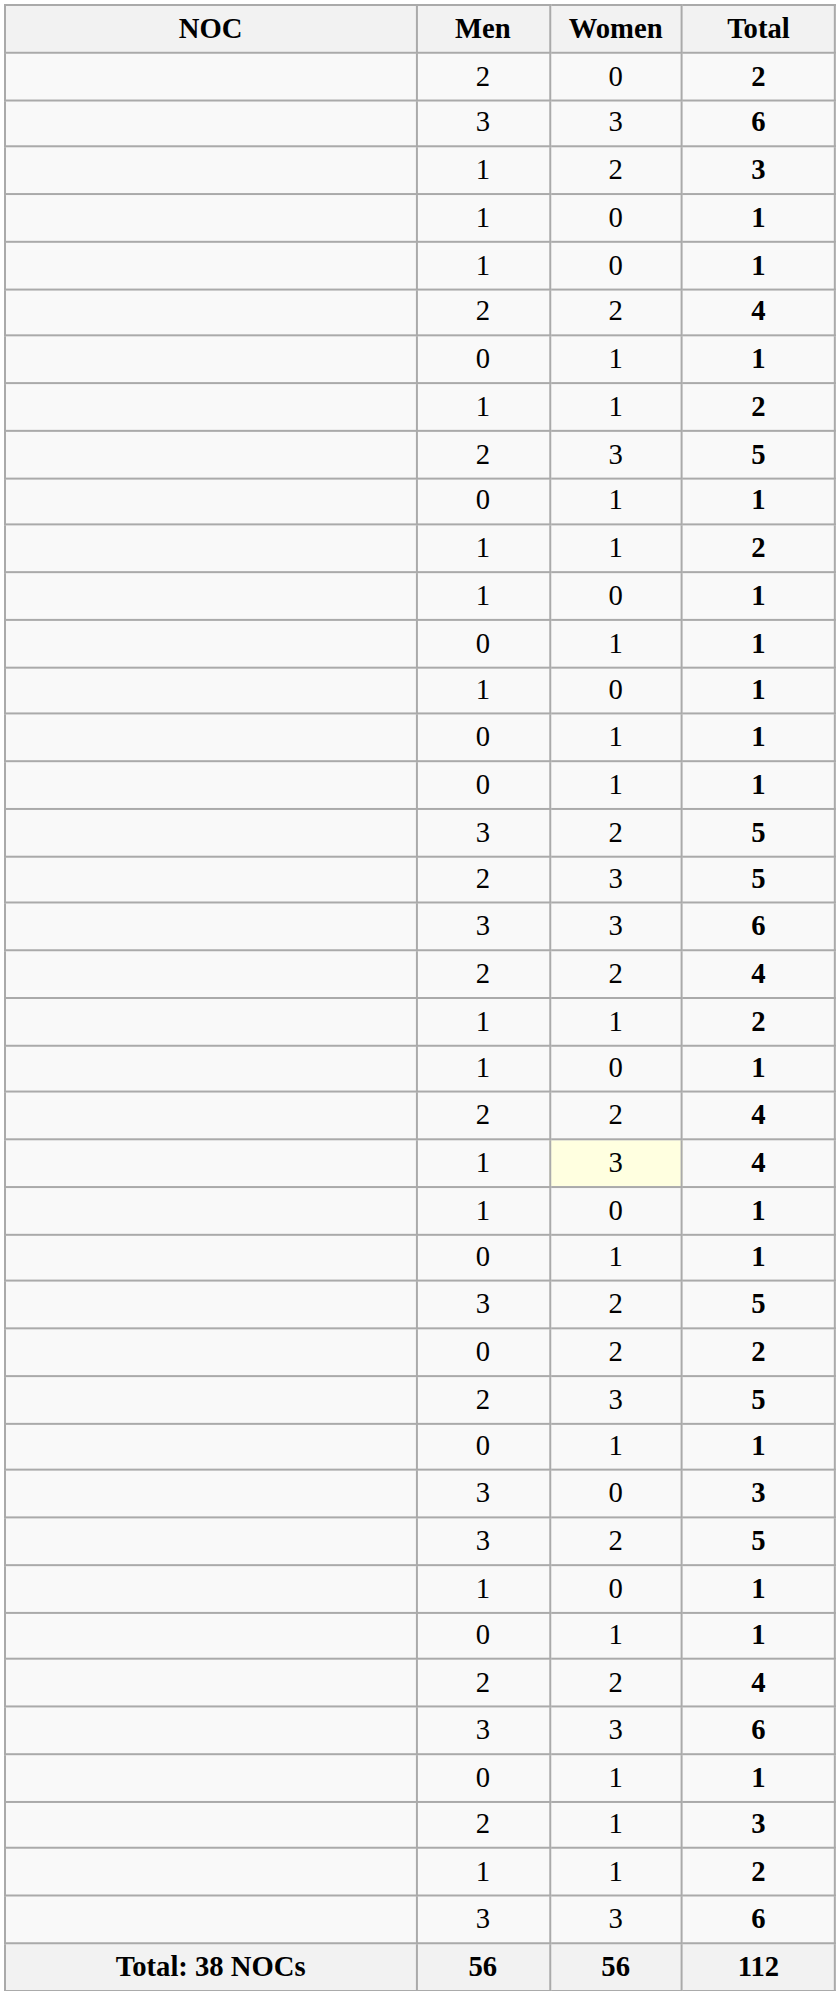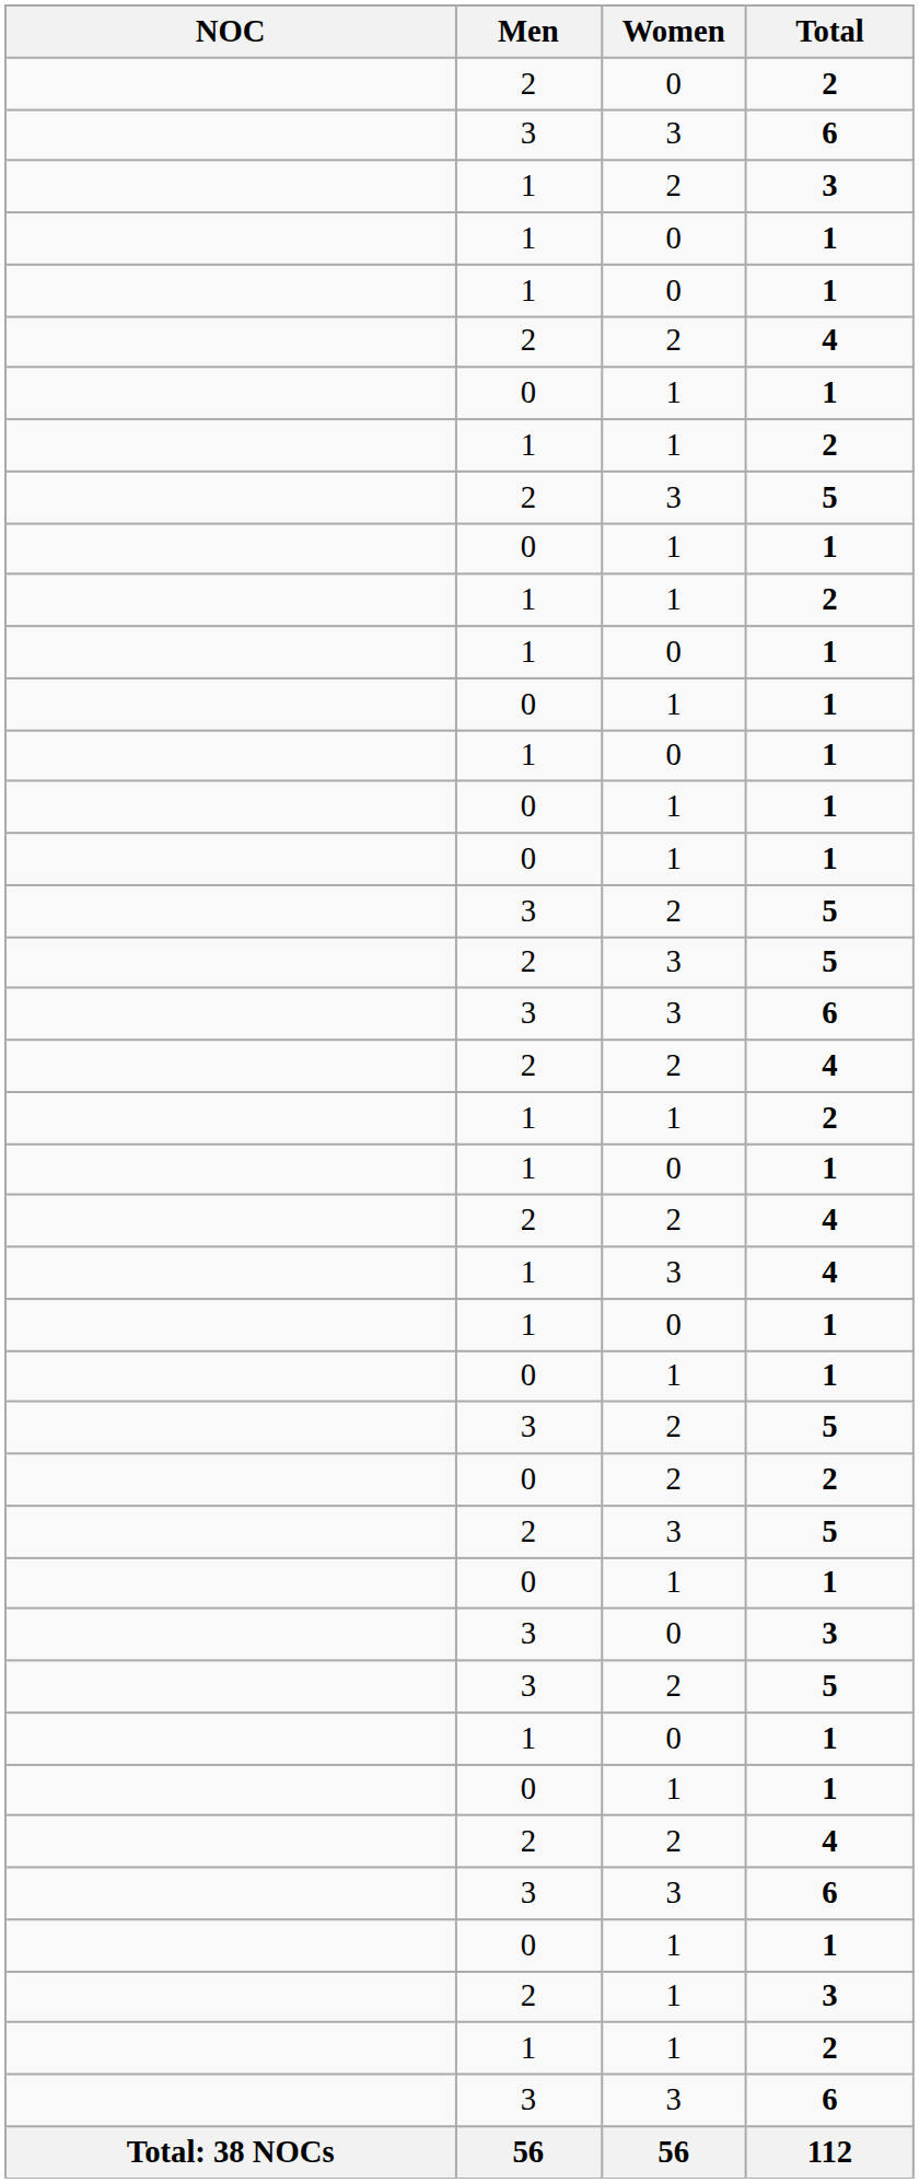 <table class="wikitable" style="text-align:center; font-size:90%">
 <tr>
 <th width=200 align="left">NOC</th>
 <th width=60>Men</th>
 <th width=60>Women</th>
 <th width=70>Total</th>
 </tr>
 <tr>
 <td align=left></td>
 <td>2</td>
 <td>0</td>
 <td><strong>2</strong></td>
 </tr>
 <tr>
 <td align=left></td>
 <td>3</td>
 <td>3</td>
 <td><strong>6</strong></td>
 </tr>
 <tr>
 <td align=left></td>
 <td>1</td>
 <td>2</td>
 <td><strong>3</strong></td>
 </tr>
 <tr>
 <td align=left></td>
 <td>1</td>
 <td>0</td>
 <td><strong>1</strong></td>
 </tr>
 <tr>
 <td align=left></td>
 <td>1</td>
 <td>0</td>
 <td><strong>1</strong></td>
 </tr>
 <tr>
 <td align=left></td>
 <td>2</td>
 <td>2</td>
 <td><strong>4</strong></td>
 </tr>
 <tr>
 <td align=left></td>
 <td>0</td>
 <td>1</td>
 <td><strong>1</strong></td>
 </tr>
 <tr>
 <td align=left></td>
 <td>1</td>
 <td>1</td>
 <td><strong>2</strong></td>
 </tr>
 <tr>
 <td align=left></td>
 <td>2</td>
 <td>3</td>
 <td><strong>5</strong></td>
 </tr>
 <tr>
 <td align=left></td>
 <td>0</td>
 <td>1</td>
 <td><strong>1</strong></td>
 </tr>
 <tr>
 <td align=left></td>
 <td>1</td>
 <td>1</td>
 <td><strong>2</strong></td>
 </tr>
 <tr>
 <td align=left></td>
 <td>1</td>
 <td>0</td>
 <td><strong>1</strong></td>
 </tr>
 <tr>
 <td align=left></td>
 <td>0</td>
 <td>1</td>
 <td><strong>1</strong></td>
 </tr>
 <tr>
 <td align=left></td>
 <td>1</td>
 <td>0</td>
 <td><strong>1</strong></td>
 </tr>
 <tr>
 <td align=left></td>
 <td>0</td>
 <td>1</td>
 <td><strong>1</strong></td>
 </tr>
 <tr>
 <td align=left></td>
 <td>0</td>
 <td>1</td>
 <td><strong>1</strong></td>
 </tr>
 <tr>
 <td align=left></td>
 <td>3</td>
 <td>2</td>
 <td><strong>5</strong></td>
 </tr>
 <tr>
 <td align=left></td>
 <td>2</td>
 <td>3</td>
 <td><strong>5</strong></td>
 </tr>
 <tr>
 <td align=left></td>
 <td>3</td>
 <td>3</td>
 <td><strong>6</strong></td>
 </tr>
 <tr>
 <td align=left></td>
 <td>2</td>
 <td>2</td>
 <td><strong>4</strong></td>
 </tr>
 <tr>
 <td align=left></td>
 <td>1</td>
 <td>1</td>
 <td><strong>2</strong></td>
 </tr>
 <tr>
 <td align=left></td>
 <td>1</td>
 <td>0</td>
 <td><strong>1</strong></td>
 </tr>
 <tr>
 <td align=left></td>
 <td>2</td>
 <td>2</td>
 <td><strong>4</strong></td>
 </tr>
 <tr>
 <td align=left></td>
 <td>1</td>
-<td style="background: lightyellow;">3</td>
+<td>3</td>
 <td><strong>4</strong></td>
 </tr>
 <tr>
 <td align=left></td>
 <td>1</td>
 <td>0</td>
 <td><strong>1</strong></td>
 </tr>
 <tr>
 <td align=left></td>
 <td>0</td>
 <td>1</td>
 <td><strong>1</strong></td>
 </tr>
 <tr>
 <td align=left></td>
 <td>3</td>
 <td>2</td>
 <td><strong>5</strong></td>
 </tr>
 <tr>
 <td align=left></td>
 <td>0</td>
 <td>2</td>
 <td><strong>2</strong></td>
 </tr>
 <tr>
 <td align=left></td>
 <td>2</td>
 <td>3</td>
 <td><strong>5</strong></td>
 </tr>
 <tr>
 <td align=left></td>
 <td>0</td>
 <td>1</td>
 <td><strong>1</strong></td>
 </tr>
 <tr>
 <td align=left></td>
 <td>3</td>
 <td>0</td>
 <td><strong>3</strong></td>
 </tr>
 <tr>
 <td align=left></td>
 <td>3</td>
 <td>2</td>
 <td><strong>5</strong></td>
 </tr>
 <tr>
 <td align=left></td>
 <td>1</td>
 <td>0</td>
 <td><strong>1</strong></td>
 </tr>
 <tr>
 <td align=left></td>
 <td>0</td>
 <td>1</td>
 <td><strong>1</strong></td>
 </tr>
 <tr>
 <td align=left></td>
 <td>2</td>
 <td>2</td>
 <td><strong>4</strong></td>
 </tr>
 <tr>
 <td align=left></td>
 <td>3</td>
 <td>3</td>
 <td><strong>6</strong></td>
 </tr>
 <tr>
 <td align=left></td>
 <td>0</td>
 <td>1</td>
 <td><strong>1</strong></td>
 </tr>
 <tr>
 <td align=left></td>
 <td>2</td>
 <td>1</td>
 <td><strong>3</strong></td>
 </tr>
 <tr>
 <td align=left></td>
 <td>1</td>
 <td>1</td>
 <td><strong>2</strong></td>
 </tr>
 <tr>
 <td align=left></td>
 <td>3</td>
 <td>3</td>
 <td><strong>6</strong></td>
 </tr>
 <tr>
 <th>Total: 38 NOCs</th>
 <th>56</th>
 <th>56</th>
 <th>112</th>
 </tr>
 </table>
